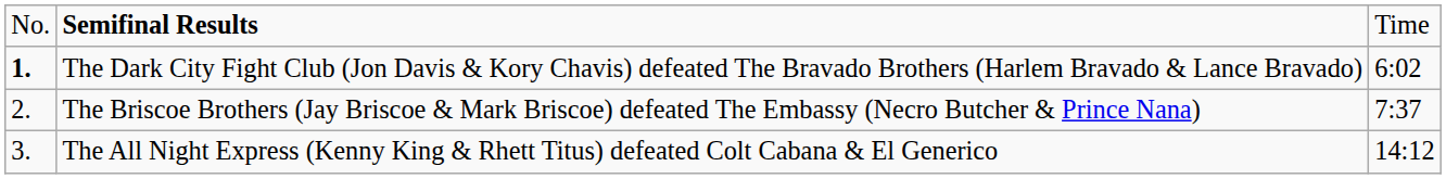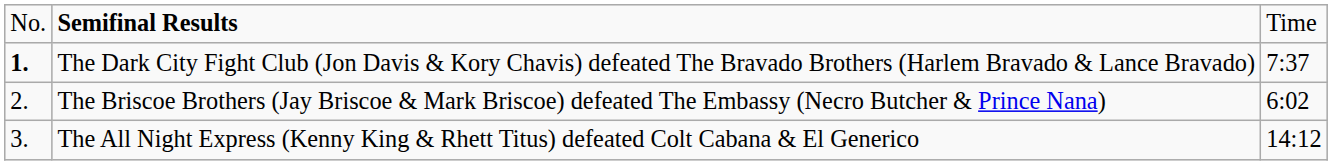 <table class="wikitable">
 <tr>
 <td>No.</td>
 <td><strong>Semifinal Results</strong></td>
 <td>Time</td>
 </tr>
 <tr>
 <td><strong>1.</strong></td>
 <td>The Dark City Fight Club (Jon Davis & Kory Chavis) defeated The Bravado Brothers (Harlem Bravado & Lance Bravado)</td>
-<td>6:02</td>
+<td>7:37</td>
 </tr>
 <tr>
 <td>2.</td>
 <td>The Briscoe Brothers (Jay Briscoe & Mark Briscoe) defeated The Embassy (Necro Butcher & <a href='#'>Prince Nana</a>)</td>
-<td>7:37</td>
+<td>6:02</td>
 </tr>
 <tr>
 <td>3.</td>
 <td>The All Night Express (Kenny King & Rhett Titus) defeated Colt Cabana & El Generico</td>
 <td>14:12</td>
 </tr>
 </table>
